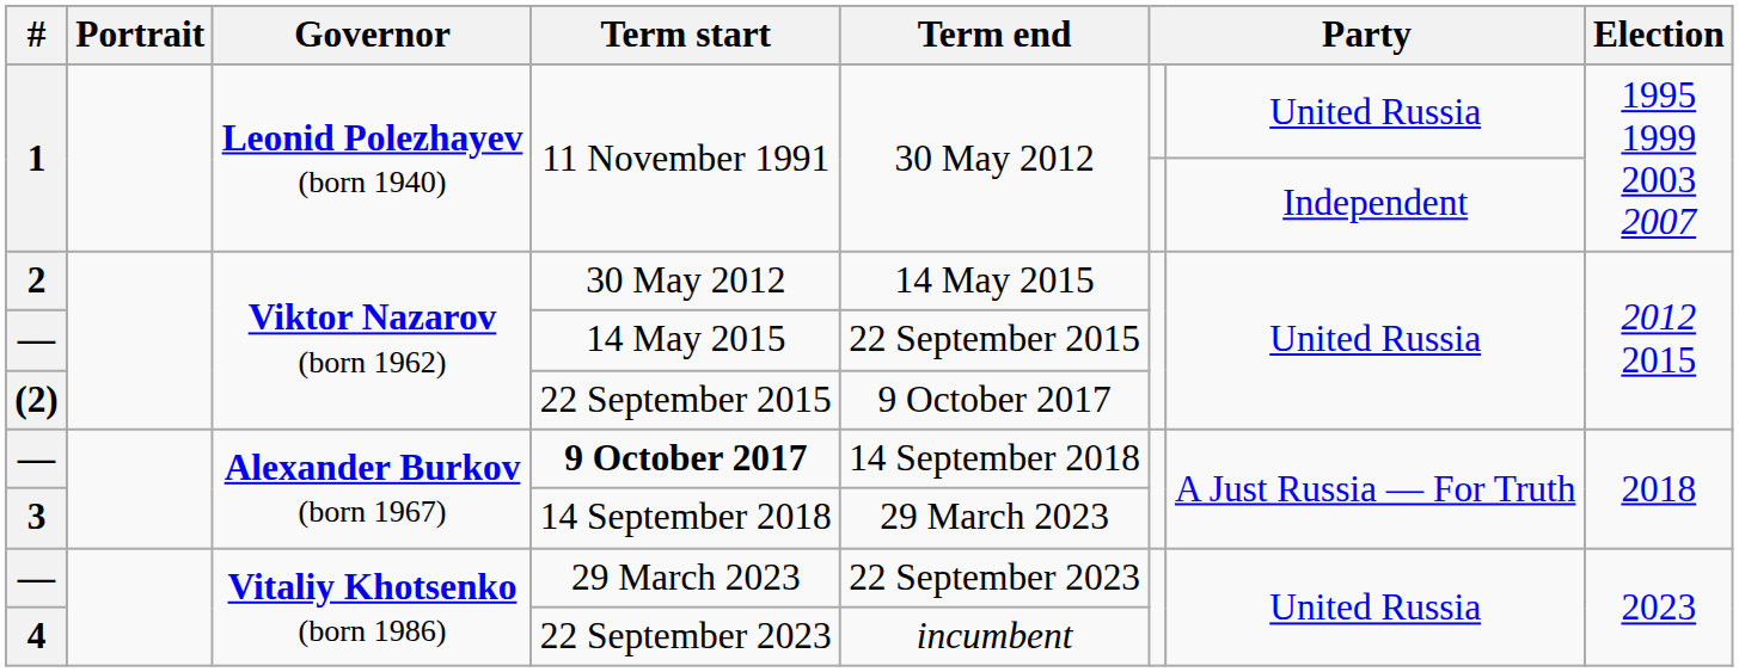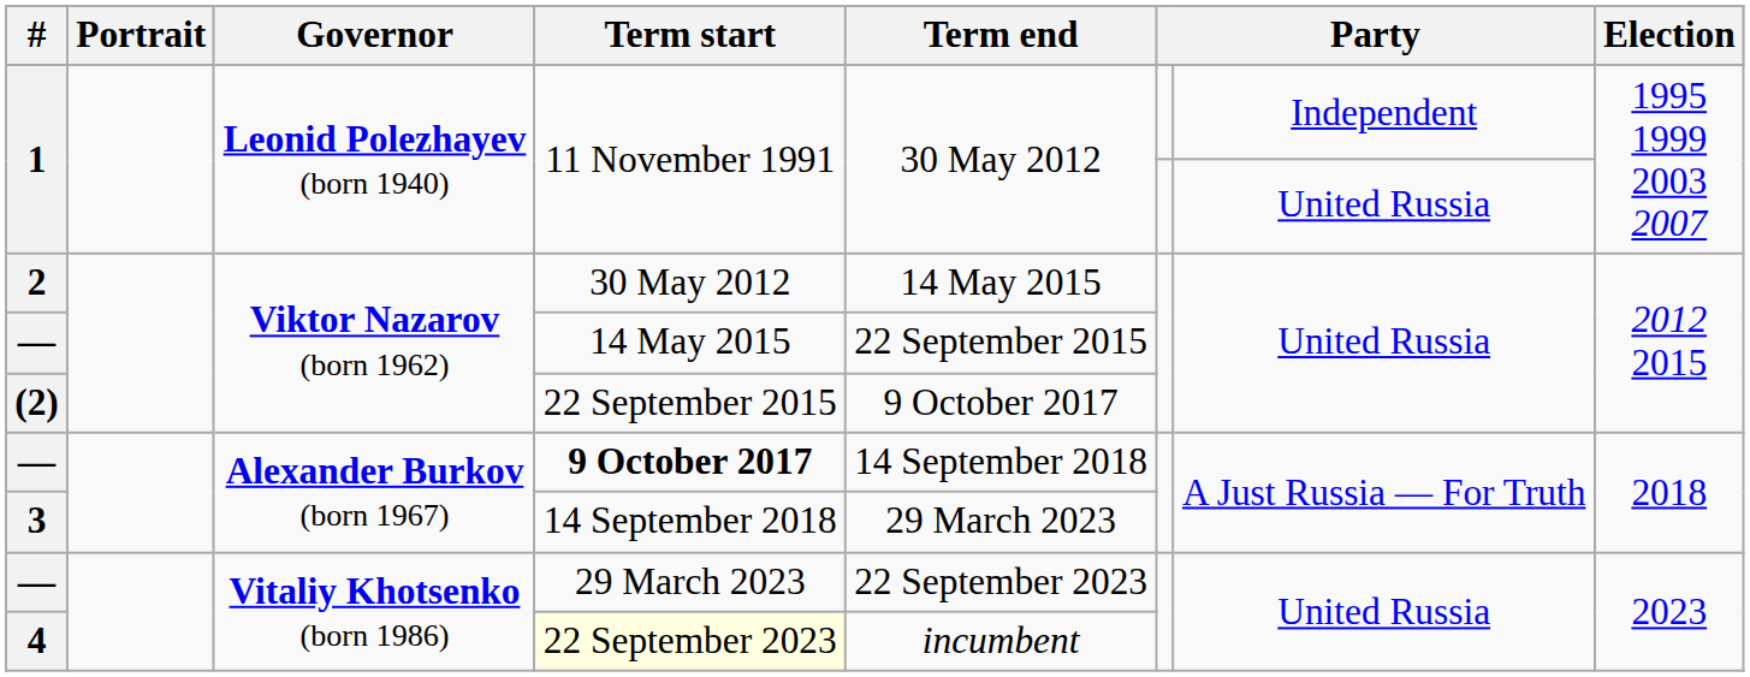 <table class="wikitable" style="text-align:center">
 <tr style="background:#cccccc" bgcolor=#E6E6AA>
 <th>#</th>
 <th>Portrait</th>
 <th>Governor</th>
 <th>Term start</th>
 <th>Term end</th>
 <th colspan=2>Party</th>
 <th>Election</th>
 </tr>
 <tr>
 <th rowspan=2>1</th>
 <td rowspan=2></td>
 <td rowspan=2><strong><a href='#'>Leonid Polezhayev</a></strong><br><small>(born 1940)</small></td>
 <td rowspan=2>11 November 1991</td>
 <td rowspan=2>30 May 2012</td>
 <td style="background: "></td>
-<td><a href='#'>United Russia</a></td>
+<td><a href='#'>Independent</a></td>
 <td rowspan=2><a href='#'>1995</a><br><a href='#'>1999</a><br><a href='#'>2003</a><br><em><a href='#'>2007</a></em></td>
 </tr>
 <tr>
 <td style="background: "></td>
-<td><a href='#'>Independent</a></td>
+<td><a href='#'>United Russia</a></td>
 </tr>
 <tr>
 <th>2</th>
 <td rowspan=3></td>
 <td rowspan=3><strong><a href='#'>Viktor Nazarov</a></strong><br><small>(born 1962)</small></td>
 <td>30 May 2012</td>
 <td>14 May 2015</td>
 <td rowspan=3; style="background: "></td>
 <td rowspan=3><a href='#'>United Russia</a></td>
 <td rowspan=3><em><a href='#'>2012</a></em><br><a href='#'>2015</a></td>
 </tr>
 <tr>
 <th>—</th>
 <td>14 May 2015</td>
 <td>22 September 2015</td>
 </tr>
 <tr>
 <th>(2)</th>
 <td>22 September 2015</td>
 <td>9 October 2017</td>
 </tr>
 <tr>
 <th>—</th>
 <td rowspan=2></td>
 <td rowspan=2><strong><a href='#'>Alexander Burkov</a></strong><br><small>(born 1967)</small></td>
 <td><strong>9 October 2017</strong></td>
 <td>14 September 2018</td>
 <td rowspan=2; style="background: "></td>
 <td rowspan=2><a href='#'>A Just Russia — For Truth</a></td>
 <td rowspan=2><a href='#'>2018</a></td>
 </tr>
 <tr>
 <th>3</th>
 <td>14 September 2018</td>
 <td>29 March 2023</td>
 </tr>
 <tr>
 <th>—</th>
 <td rowspan=2></td>
 <td rowspan=2><strong><a href='#'>Vitaliy Khotsenko</a></strong><br><small>(born 1986)</small></td>
 <td>29 March 2023</td>
 <td>22 September 2023</td>
 <td rowspan=2; style="background: "></td>
 <td rowspan=2><a href='#'>United Russia</a></td>
 <td rowspan=2><a href='#'>2023</a></td>
 </tr>
 <tr>
 <th>4</th>
-<td>22 September 2023</td>
+<td style="background: lightyellow;">22 September 2023</td>
 <td><em>incumbent</em></td>
 </tr>
 </table>
